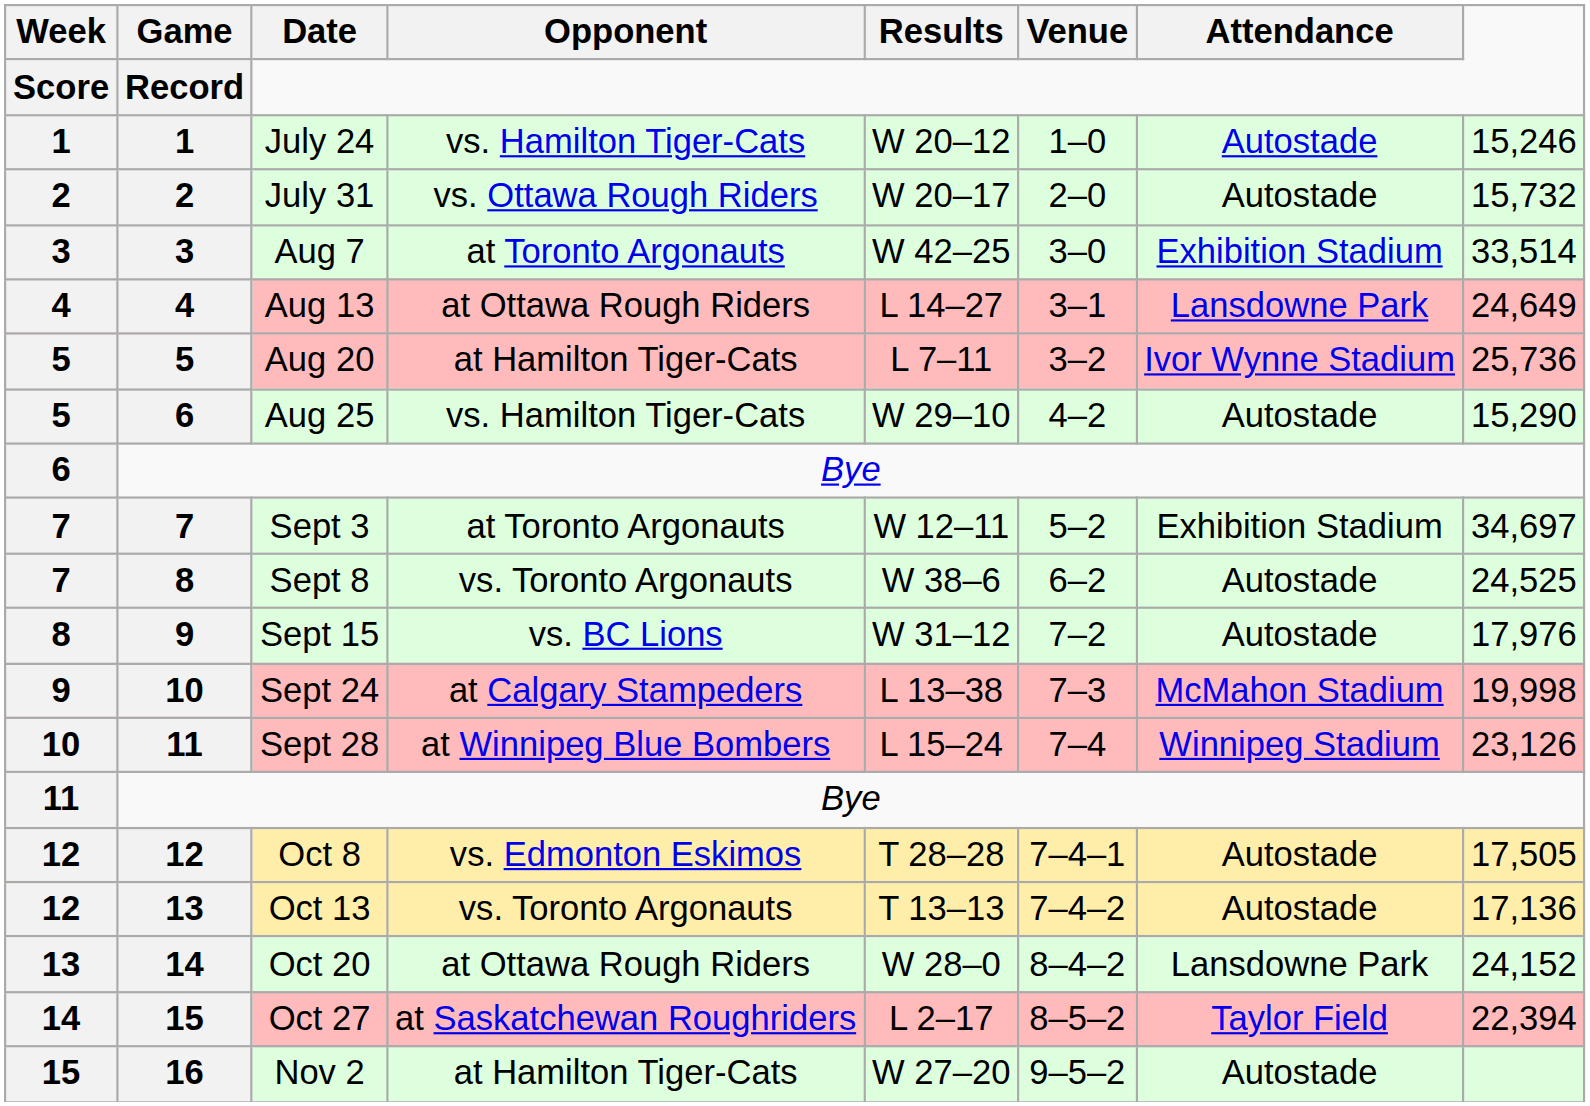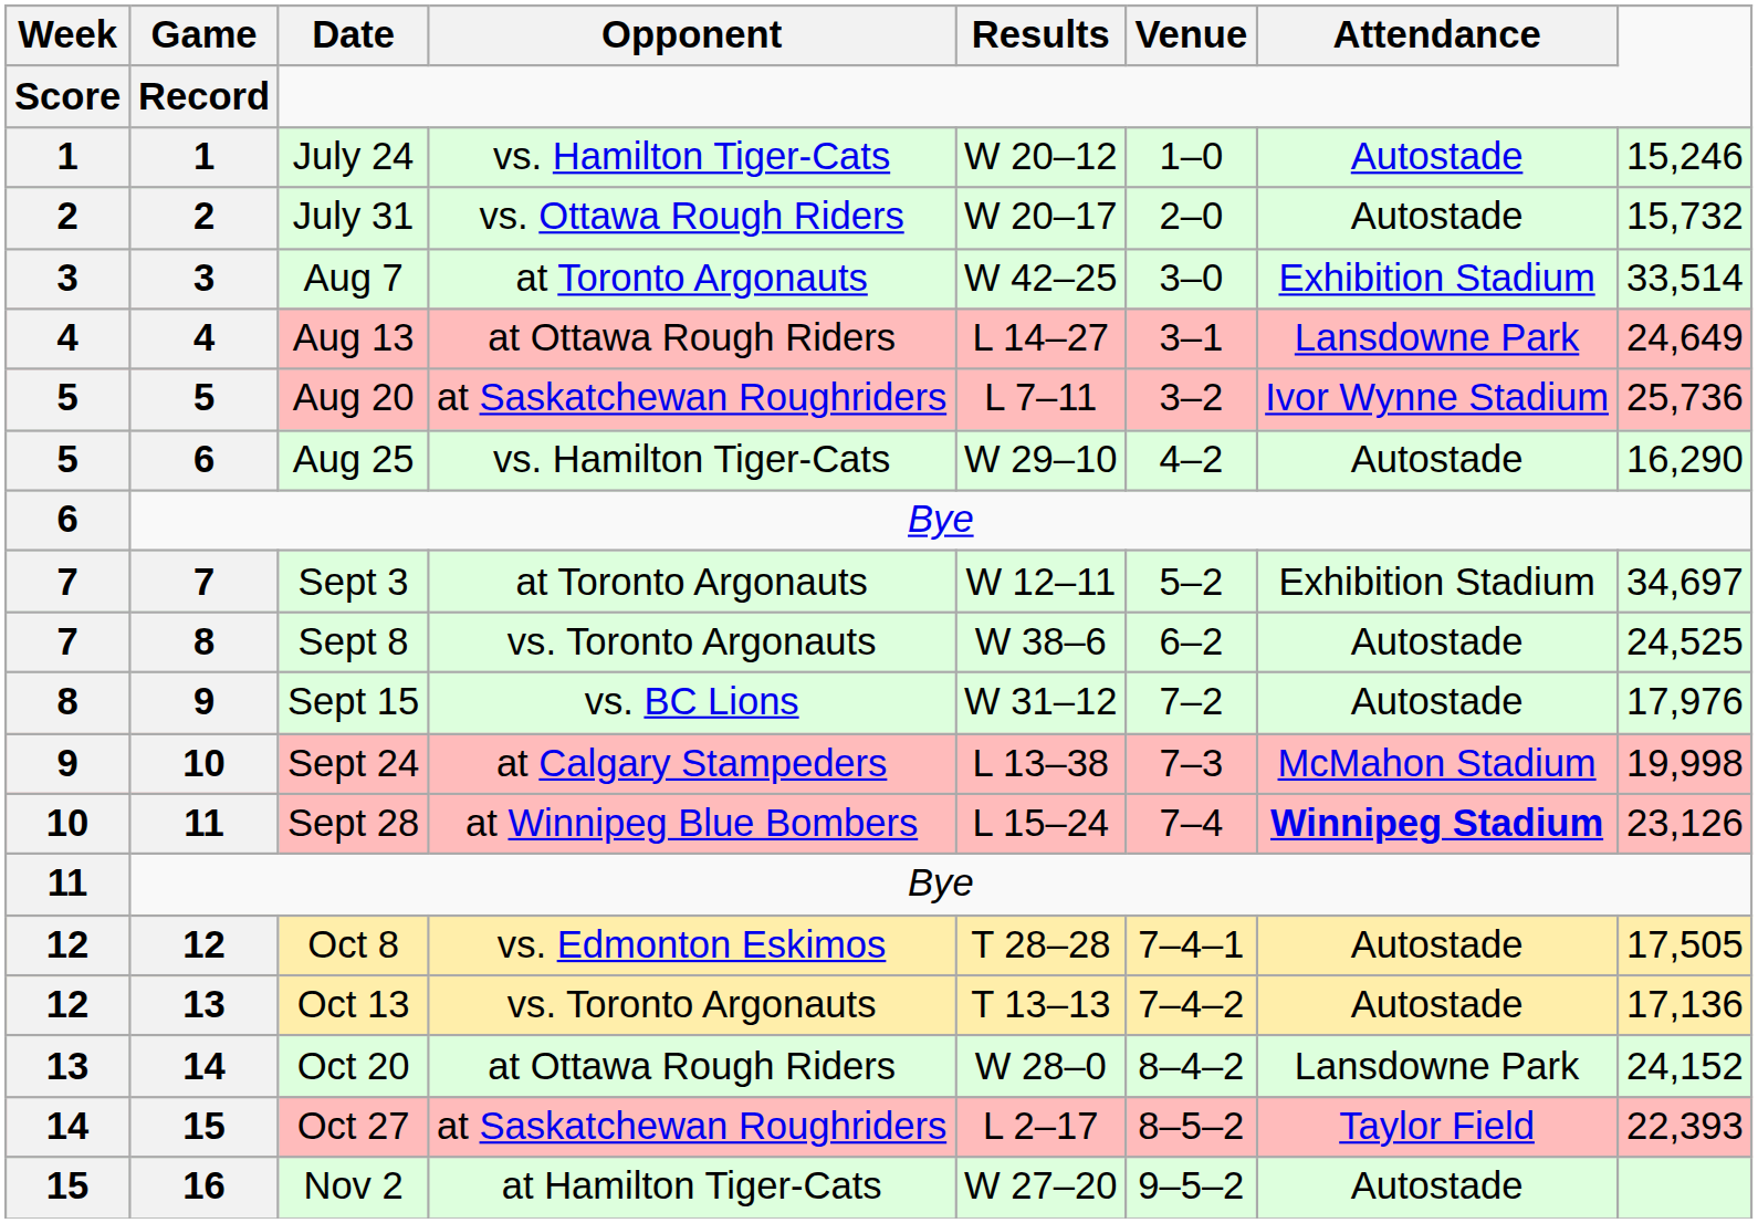 <table class="wikitable" style="text-align:center">
 <tr>
 <th scope="col">Week</th>
 <th scope="col">Game</th>
 <th scope="col">Date</th>
 <th scope="col">Opponent</th>
 <th scope="col">Results</th>
 <th scope="col">Venue</th>
 <th scope="col">Attendance</th>
 </tr>
 <tr>
 <th scope="col">Score</th>
 <th scope="col">Record</th>
 </tr>
 <tr style="background:#ddffdd">
 <th>1</th>
 <th>1</th>
 <td>July 24</td>
 <td>vs. <a href='#'>Hamilton Tiger-Cats</a></td>
 <td>W 20–12</td>
 <td>1–0</td>
 <td><a href='#'>Autostade</a></td>
 <td>15,246</td>
 </tr>
 <tr style="background:#ddffdd">
 <th>2</th>
 <th>2</th>
 <td>July 31</td>
 <td>vs. <a href='#'>Ottawa Rough Riders</a></td>
 <td>W 20–17</td>
 <td>2–0</td>
 <td>Autostade</td>
 <td>15,732</td>
 </tr>
 <tr style="background:#ddffdd">
 <th>3</th>
 <th>3</th>
 <td>Aug 7</td>
 <td>at <a href='#'>Toronto Argonauts</a></td>
 <td>W 42–25</td>
 <td>3–0</td>
 <td><a href='#'>Exhibition Stadium</a></td>
 <td>33,514</td>
 </tr>
 <tr style="background:#ffbbbb">
 <th>4</th>
 <th>4</th>
 <td>Aug 13</td>
 <td>at Ottawa Rough Riders</td>
 <td>L 14–27</td>
 <td>3–1</td>
 <td><a href='#'>Lansdowne Park</a></td>
 <td>24,649</td>
 </tr>
 <tr style="background:#ffbbbb">
 <th>5</th>
 <th>5</th>
 <td>Aug 20</td>
-<td>at Hamilton Tiger-Cats</td>
+<td>at <a href='#'>Saskatchewan Roughriders</a></td>
 <td>L 7–11</td>
 <td>3–2</td>
 <td><a href='#'>Ivor Wynne Stadium</a></td>
 <td>25,736</td>
 </tr>
 <tr style="background:#ddffdd">
 <th>5</th>
 <th>6</th>
 <td>Aug 25</td>
 <td>vs. Hamilton Tiger-Cats</td>
 <td>W 29–10</td>
 <td>4–2</td>
 <td>Autostade</td>
-<td>15,290</td>
+<td>16,290</td>
 </tr>
 <tr>
 <th>6</th>
 <td colspan=7><em><a href='#'>Bye</a></em></td>
 </tr>
 <tr style="background:#ddffdd">
 <th>7</th>
 <th>7</th>
 <td>Sept 3</td>
 <td>at Toronto Argonauts</td>
 <td>W 12–11</td>
 <td>5–2</td>
 <td>Exhibition Stadium</td>
 <td>34,697</td>
 </tr>
 <tr style="background:#ddffdd">
 <th>7</th>
 <th>8</th>
 <td>Sept 8</td>
 <td>vs. Toronto Argonauts</td>
 <td>W 38–6</td>
 <td>6–2</td>
 <td>Autostade</td>
 <td>24,525</td>
 </tr>
 <tr style="background:#ddffdd">
 <th>8</th>
 <th>9</th>
 <td>Sept 15</td>
 <td>vs. <a href='#'>BC Lions</a></td>
 <td>W 31–12</td>
 <td>7–2</td>
 <td>Autostade</td>
 <td>17,976</td>
 </tr>
 <tr style="background:#ffbbbb">
 <th>9</th>
 <th>10</th>
 <td>Sept 24</td>
 <td>at <a href='#'>Calgary Stampeders</a></td>
 <td>L 13–38</td>
 <td>7–3</td>
 <td><a href='#'>McMahon Stadium</a></td>
 <td>19,998</td>
 </tr>
 <tr style="background:#ffbbbb">
 <th>10</th>
 <th>11</th>
 <td>Sept 28</td>
 <td>at <a href='#'>Winnipeg Blue Bombers</a></td>
 <td>L 15–24</td>
 <td>7–4</td>
-<td><a href='#'>Winnipeg Stadium</a></td>
+<td><strong><a href='#'>Winnipeg Stadium</a></strong></td>
 <td>23,126</td>
 </tr>
 <tr>
 <th>11</th>
 <td colspan=7><em>Bye</em></td>
 </tr>
 <tr style="background:#ffeeaa">
 <th>12</th>
 <th>12</th>
 <td>Oct 8</td>
 <td>vs. <a href='#'>Edmonton Eskimos</a></td>
 <td>T 28–28</td>
 <td>7–4–1</td>
 <td>Autostade</td>
 <td>17,505</td>
 </tr>
 <tr style="background:#ffeeaa">
 <th>12</th>
 <th>13</th>
 <td>Oct 13</td>
 <td>vs. Toronto Argonauts</td>
 <td>T 13–13</td>
 <td>7–4–2</td>
 <td>Autostade</td>
 <td>17,136</td>
 </tr>
 <tr style="background:#ddffdd">
 <th>13</th>
 <th>14</th>
 <td>Oct 20</td>
 <td>at Ottawa Rough Riders</td>
 <td>W 28–0</td>
 <td>8–4–2</td>
 <td>Lansdowne Park</td>
 <td>24,152</td>
 </tr>
 <tr style="background:#ffbbbb">
 <th>14</th>
 <th>15</th>
 <td>Oct 27</td>
 <td>at <a href='#'>Saskatchewan Roughriders</a></td>
 <td>L 2–17</td>
 <td>8–5–2</td>
 <td><a href='#'>Taylor Field</a></td>
-<td>22,394</td>
+<td>22,393</td>
 </tr>
 <tr style="background:#ddffdd">
 <th>15</th>
 <th>16</th>
 <td>Nov 2</td>
 <td>at Hamilton Tiger-Cats</td>
 <td>W 27–20</td>
 <td>9–5–2</td>
 <td>Autostade</td>
 <td></td>
 </tr>
 </table>
